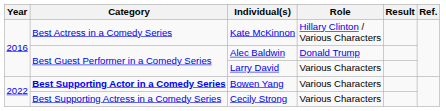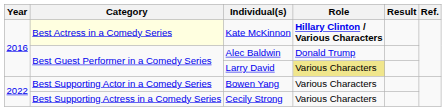 <table class="wikitable">
 <tr>
 <th>Year</th>
 <th>Category</th>
 <th>Individual(s)</th>
 <th>Role</th>
 <th>Result</th>
 <th>Ref.</th>
 </tr>
 <tr>
 <td rowspan="3"><a href='#'>2016</a></td>
-<td><a href='#'>Best Actress in a Comedy Series</a></td>
+<td style="background: lightyellow;"><a href='#'>Best Actress in a Comedy Series</a></td>
 <td><a href='#'>Kate McKinnon</a></td>
-<td><a href='#'>Hillary Clinton</a> / <br> Various Characters</td>
+<td><strong><a href='#'>Hillary Clinton</a> / <br> Various Characters</strong></td>
 <td></td>
 <td rowspan="3" align="center"></td>
 </tr>
 <tr>
 <td rowspan="2"><a href='#'>Best Guest Performer in a Comedy Series</a></td>
 <td><a href='#'>Alec Baldwin</a></td>
 <td><a href='#'>Donald Trump</a></td>
 <td></td>
 </tr>
 <tr>
 <td><a href='#'>Larry David</a></td>
-<td>Various Characters</td>
+<td style="background: khaki;">Various Characters</td>
 <td></td>
 </tr>
 <tr>
 <td rowspan="2"><a href='#'>2022</a></td>
-<td><strong><a href='#'>Best Supporting Actor in a Comedy Series</a></strong></td>
+<td><a href='#'>Best Supporting Actor in a Comedy Series</a></td>
 <td><a href='#'>Bowen Yang</a></td>
 <td>Various Characters</td>
 <td></td>
 <td rowspan="2" align="center"></td>
 </tr>
 <tr>
 <td><a href='#'>Best Supporting Actress in a Comedy Series</a></td>
 <td><a href='#'>Cecily Strong</a></td>
 <td>Various Characters</td>
 <td></td>
 </tr>
 </table>
